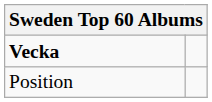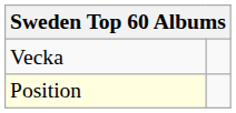 <table class="wikitable">
 <tr>
 <th align="center" bgcolor="white" colspan="31">Sweden Top 60 Albums</th>
 </tr>
 <tr style="background-color: #white;">
-<td><strong>Vecka</strong></td>
+<td>Vecka</td>
 <td></td>
 </tr>
 <tr>
-<td>Position</td>
+<td style="background: lightyellow;">Position</td>
 <td></td>
 </tr>
 </table>
